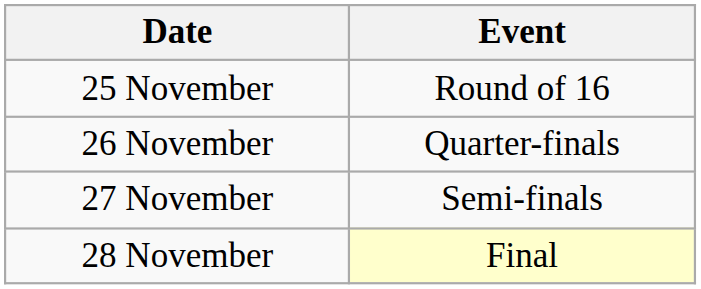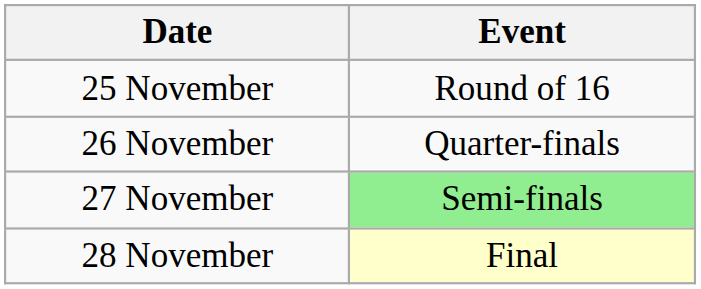 <table class = "wikitable" style="text-align:center;">
 <tr>
 <th width=150>Date</th>
 <th width=150>Event</th>
 </tr>
 <tr>
 <td>25 November</td>
 <td>Round of 16</td>
 </tr>
 <tr>
 <td>26 November</td>
 <td>Quarter-finals</td>
 </tr>
 <tr>
 <td>27 November</td>
-<td>Semi-finals</td>
+<td style="background: lightgreen;">Semi-finals</td>
 </tr>
 <tr>
 <td>28 November</td>
 <td bgcolor="ffffcc">Final</td>
 </tr>
 </table>
